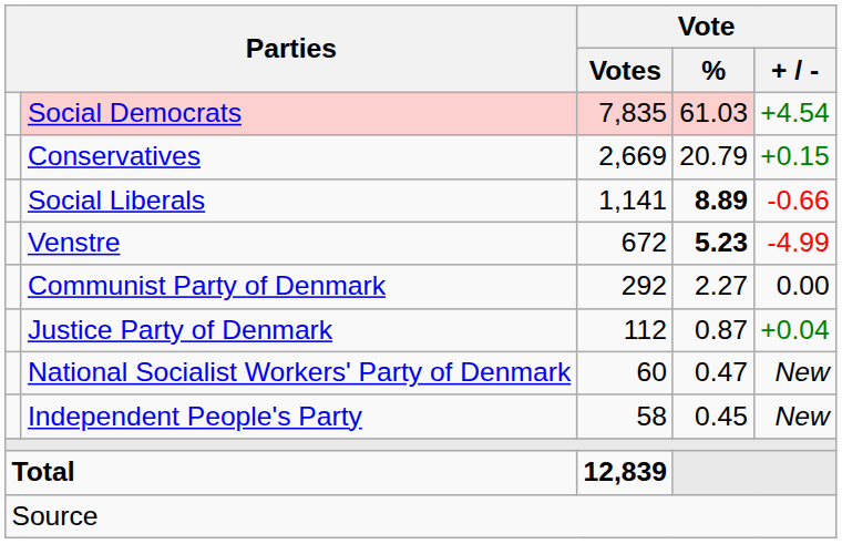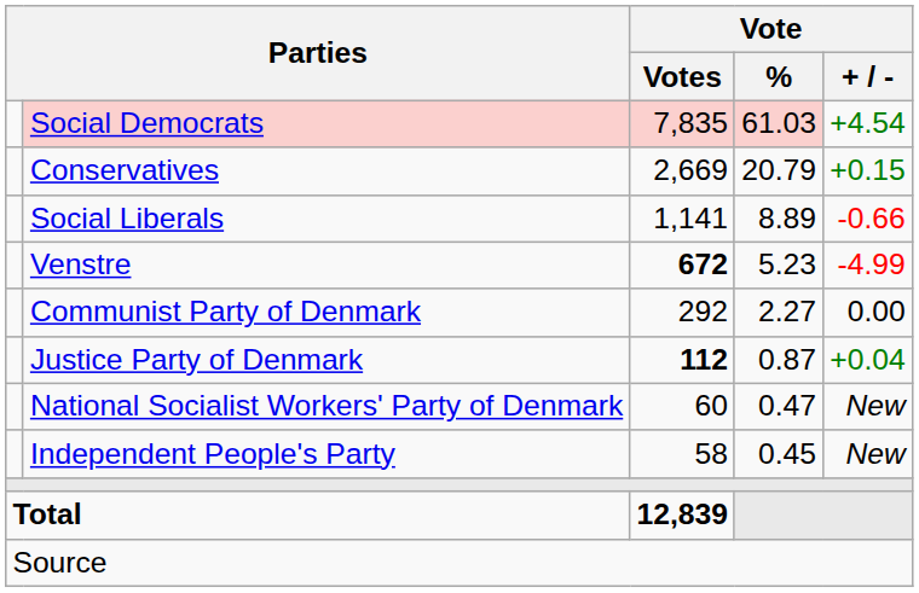 <table class="wikitable" style="text-align:right;">
 <tr>
 <th style="text-align:centre;" rowspan="2" colspan="2" width="225">Parties</th>
 <th colspan="3">Vote</th>
 </tr>
 <tr>
 <th width="15">Votes</th>
 <th width="15">%</th>
 <th width="15">+ / -</th>
 </tr>
 <tr>
 <td width="2" style="color:inherit;background:"></td>
 <td bgcolor=#fbd0ce  align="left"><a href='#'>Social Democrats</a></td>
 <td bgcolor=#fbd0ce>7,835</td>
 <td bgcolor=#fbd0ce>61.03</td>
 <td style=color:green;>+4.54</td>
 </tr>
 <tr>
 <td width="2" style="color:inherit;background:"></td>
 <td align="left"><a href='#'>Conservatives</a></td>
 <td>2,669</td>
 <td>20.79</td>
 <td style=color:green;>+0.15</td>
 </tr>
 <tr>
 <td width="2" style="color:inherit;background:"></td>
 <td align="left"><a href='#'>Social Liberals</a></td>
 <td>1,141</td>
-<td><strong>8.89</strong></td>
+<td>8.89</td>
 <td style=color:red;>-0.66</td>
 </tr>
 <tr>
 <td width="2" style="color:inherit;background:"></td>
 <td align="left"><a href='#'>Venstre</a></td>
-<td>672</td>
-<td><strong>5.23</strong></td>
+<td><strong>672</strong></td>
+<td>5.23</td>
 <td style=color:red;>-4.99</td>
 </tr>
 <tr>
 <td width="2" style="color:inherit;background:"></td>
 <td align="left"><a href='#'>Communist Party of Denmark</a></td>
 <td>292</td>
 <td>2.27</td>
 <td>0.00</td>
 </tr>
 <tr>
 <td width="2" style="color:inherit;background:"></td>
 <td align="left"><a href='#'>Justice Party of Denmark</a></td>
-<td>112</td>
+<td><strong>112</strong></td>
 <td>0.87</td>
 <td style=color:green;>+0.04</td>
 </tr>
 <tr>
 <td width="2" style="color:inherit;background:"></td>
 <td align="left"><a href='#'>National Socialist Workers' Party of Denmark</a></td>
 <td>60</td>
 <td>0.47</td>
 <td><em>New</em></td>
 </tr>
 <tr>
 <td width="2" style="color:inherit;background:"></td>
 <td align="left"><a href='#'>Independent People's Party</a></td>
 <td>58</td>
 <td>0.45</td>
 <td><em>New</em></td>
 </tr>
 <tr>
 <td colspan="7" bgcolor="#E9E9E9"></td>
 </tr>
 <tr>
 <td align="left" colspan="2"><strong>Total</strong></td>
 <td><strong>12,839</strong></td>
 <td bgcolor="#E9E9E9" colspan="2"></td>
 </tr>
 <tr>
 <td align="left" colspan="6">Source</td>
 </tr>
 </table>
